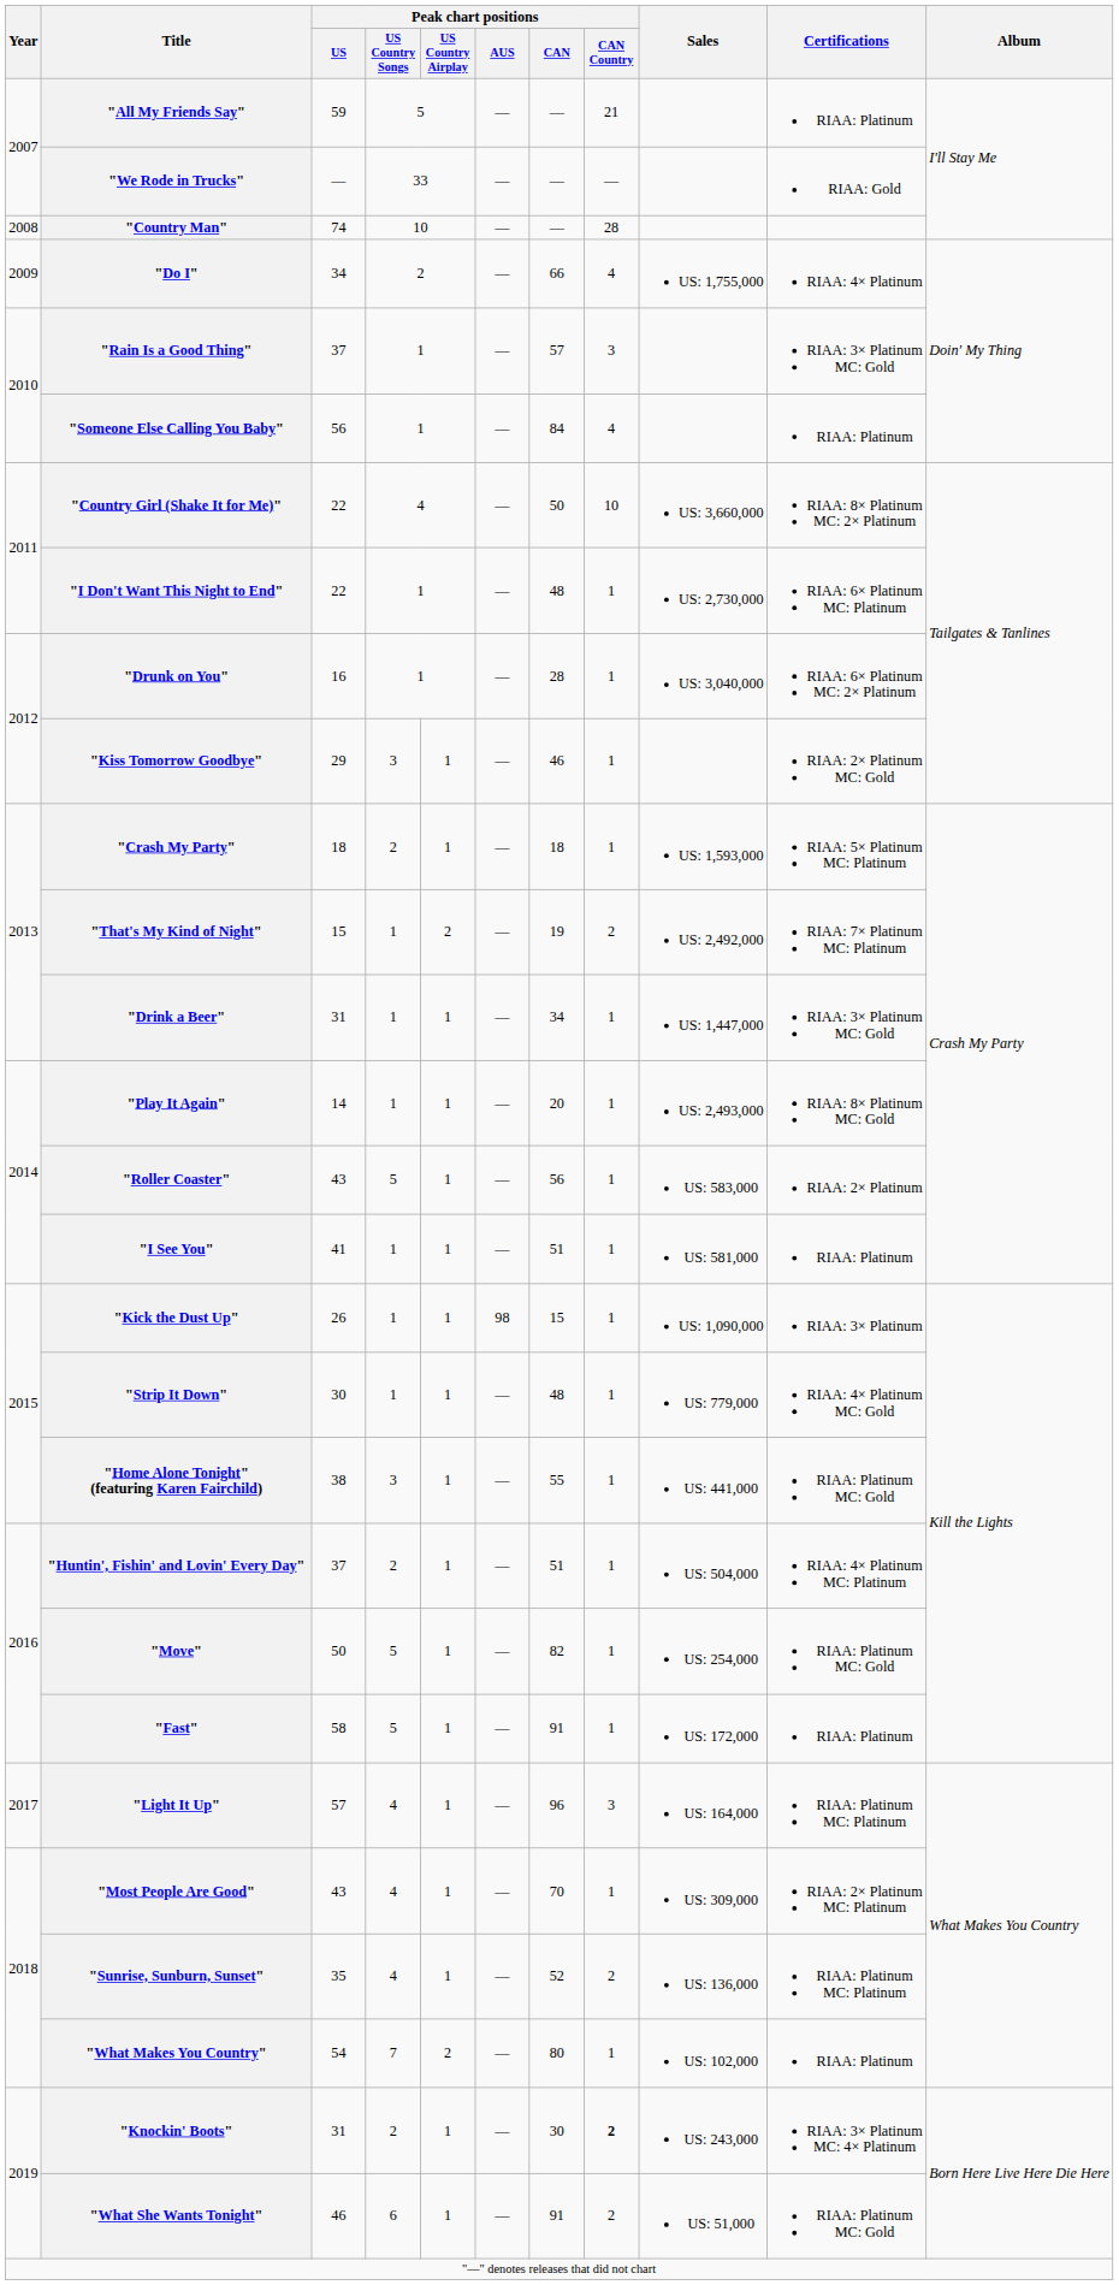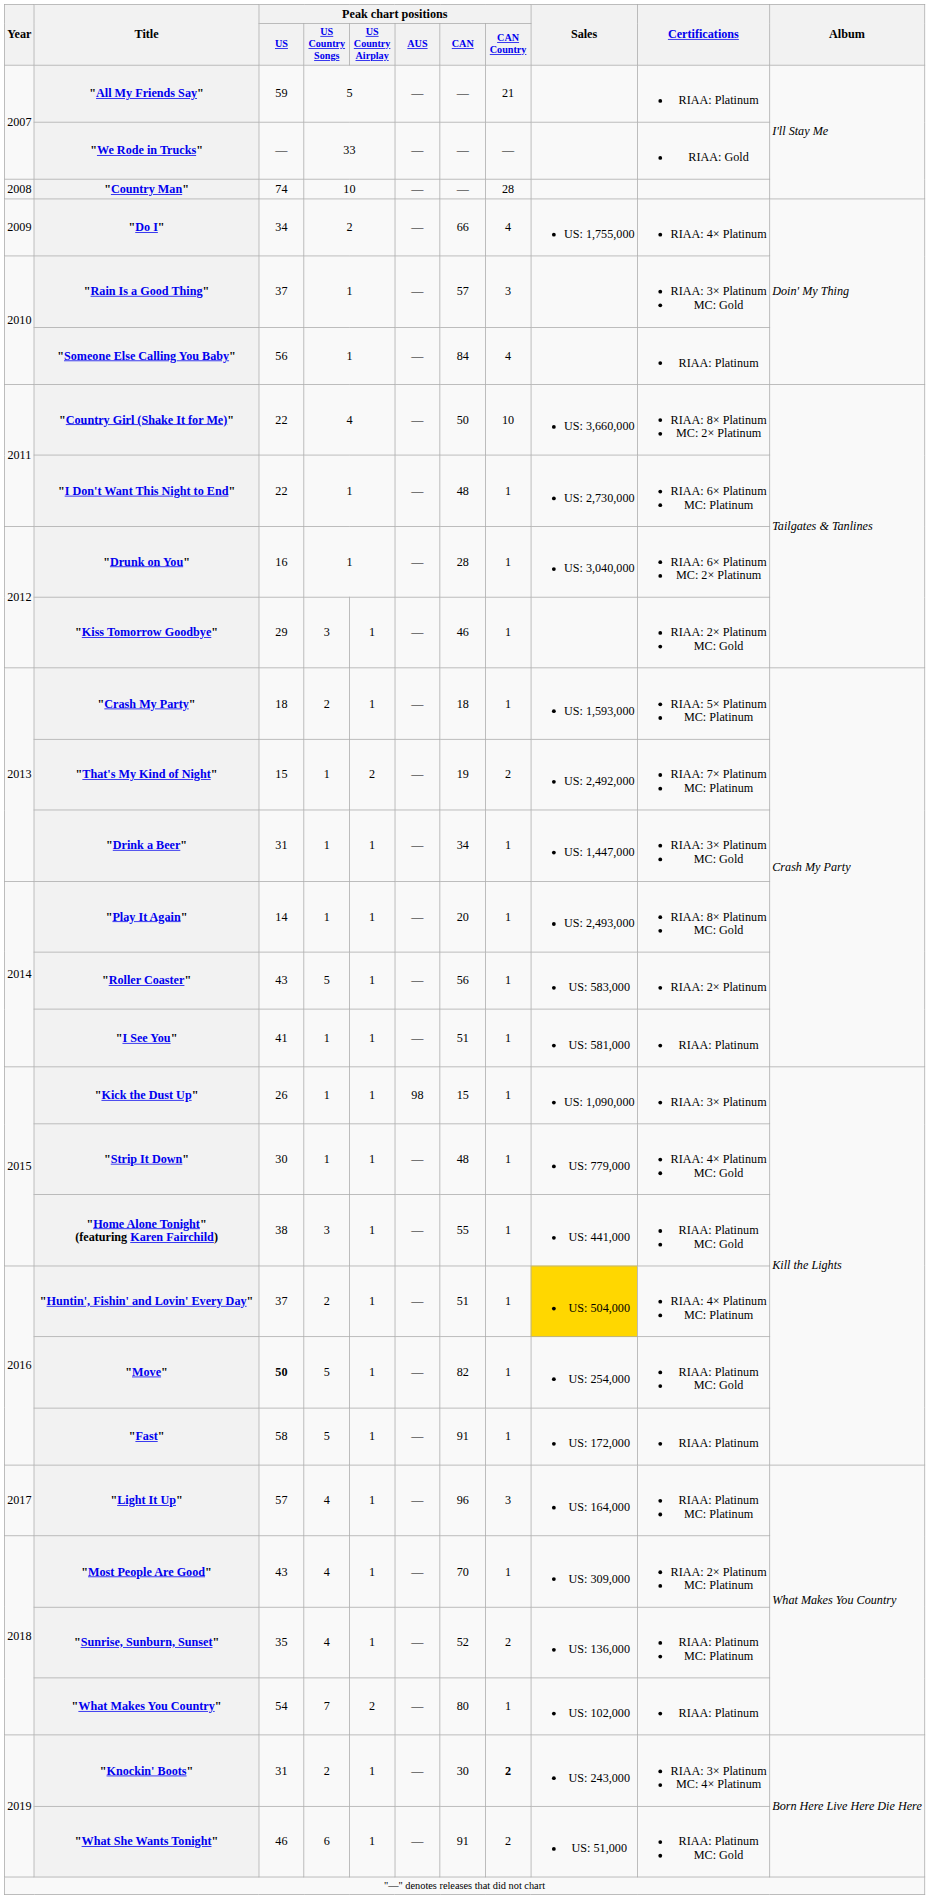 <table class="wikitable plainrowheaders" style="text-align:center;">
 <tr>
 <th scope="col" rowspan="2">Year</th>
 <th scope="col" rowspan="2" style="width:18em;">Title</th>
 <th scope="col" colspan="6">Peak chart positions</th>
 <th scope="col" rowspan="2">Sales</th>
 <th scope="col" rowspan="2"><a href='#'>Certifications</a></th>
 <th scope="col" rowspan="2">Album</th>
 </tr>
 <tr style="font-size:smaller;">
 <th scope="col" style="width:4em;"><a href='#'>US</a><br></th>
 <th scope="col" style="width:4em;"><a href='#'>US Country Songs</a><br></th>
 <th scope="col" style="width:4em;"><a href='#'>US Country Airplay</a><br></th>
 <th scope="col" style="width:4em;"><a href='#'>AUS</a><br></th>
 <th scope="col" style="width:4em;"><a href='#'>CAN</a><br></th>
 <th scope="col" style="width:4em;"><a href='#'>CAN Country</a><br></th>
 </tr>
 <tr>
 <td rowspan="2">2007</td>
 <th scope="row">"<a href='#'>All My Friends Say</a>"</th>
 <td>59</td>
 <td colspan="2">5</td>
 <td>—</td>
 <td>—</td>
 <td>21</td>
 <td></td>
 <td><br><ul><li>RIAA: Platinum</li></ul></td>
 <td style="text-align:left;" rowspan="3"><em>I'll Stay Me</em></td>
 </tr>
 <tr>
 <th scope="row">"<a href='#'>We Rode in Trucks</a>"</th>
 <td>—</td>
 <td colspan="2">33</td>
 <td>—</td>
 <td>—</td>
 <td>—</td>
 <td></td>
 <td><br><ul><li>RIAA: Gold</li></ul></td>
 </tr>
 <tr>
 <td>2008</td>
 <th scope="row">"<a href='#'>Country Man</a>"</th>
 <td>74</td>
 <td colspan="2">10</td>
 <td>—</td>
 <td>—</td>
 <td>28</td>
 <td></td>
 <td></td>
 </tr>
 <tr>
 <td>2009</td>
 <th scope="row">"<a href='#'>Do I</a>"</th>
 <td>34</td>
 <td colspan="2">2</td>
 <td>—</td>
 <td>66</td>
 <td>4</td>
 <td><br><ul><li>US: 1,755,000</li></ul></td>
 <td style="text-align:left;"><br><ul><li>RIAA: 4× Platinum</li></ul></td>
 <td style="text-align:left;" rowspan="3"><em>Doin' My Thing</em></td>
 </tr>
 <tr>
 <td rowspan="2">2010</td>
 <th scope="row">"<a href='#'>Rain Is a Good Thing</a>"</th>
 <td>37</td>
 <td colspan="2">1</td>
 <td>—</td>
 <td>57</td>
 <td>3</td>
 <td></td>
 <td><br><ul><li>RIAA: 3× Platinum</li><li>MC: Gold</li></ul></td>
 </tr>
 <tr>
 <th scope="row">"<a href='#'>Someone Else Calling You Baby</a>"</th>
 <td>56</td>
 <td colspan="2">1</td>
 <td>—</td>
 <td>84</td>
 <td>4</td>
 <td></td>
 <td><br><ul><li>RIAA: Platinum</li></ul></td>
 </tr>
 <tr>
 <td rowspan="2">2011</td>
 <th scope="row">"<a href='#'>Country Girl (Shake It for Me)</a>"</th>
 <td>22</td>
 <td colspan="2">4</td>
 <td>—</td>
 <td>50</td>
 <td>10</td>
 <td><br><ul><li>US: 3,660,000</li></ul></td>
 <td><br><ul><li>RIAA: 8× Platinum</li><li>MC: 2× Platinum</li></ul></td>
 <td style="text-align:left;" rowspan="4"><em>Tailgates & Tanlines</em></td>
 </tr>
 <tr>
 <th scope="row">"<a href='#'>I Don't Want This Night to End</a>"</th>
 <td>22</td>
 <td colspan="2">1</td>
 <td>—</td>
 <td>48</td>
 <td>1</td>
 <td><br><ul><li>US: 2,730,000</li></ul></td>
 <td><br><ul><li>RIAA: 6× Platinum</li><li>MC: Platinum</li></ul></td>
 </tr>
 <tr>
 <td rowspan="2">2012</td>
 <th scope="row">"<a href='#'>Drunk on You</a>"</th>
 <td>16</td>
 <td colspan="2">1</td>
 <td>—</td>
 <td>28</td>
 <td>1</td>
 <td><br><ul><li>US: 3,040,000</li></ul></td>
 <td><br><ul><li>RIAA: 6× Platinum</li><li>MC: 2× Platinum</li></ul></td>
 </tr>
 <tr>
 <th scope="row">"<a href='#'>Kiss Tomorrow Goodbye</a>"</th>
 <td>29</td>
 <td>3</td>
 <td>1</td>
 <td>—</td>
 <td>46</td>
 <td>1</td>
 <td></td>
 <td><br><ul><li>RIAA: 2× Platinum</li><li>MC: Gold</li></ul></td>
 </tr>
 <tr>
 <td rowspan="3">2013</td>
 <th scope="row">"<a href='#'>Crash My Party</a>"</th>
 <td>18</td>
 <td>2</td>
 <td>1</td>
 <td>—</td>
 <td>18</td>
 <td>1</td>
 <td><br><ul><li>US: 1,593,000</li></ul></td>
 <td><br><ul><li>RIAA: 5× Platinum</li><li>MC: Platinum</li></ul></td>
 <td rowspan="6" style="text" align="left"><em>Crash My Party</em></td>
 </tr>
 <tr>
 <th scope="row">"<a href='#'>That's My Kind of Night</a>"</th>
 <td>15</td>
 <td>1</td>
 <td>2</td>
 <td>—</td>
 <td>19</td>
 <td>2</td>
 <td><br><ul><li>US: 2,492,000</li></ul></td>
 <td><br><ul><li>RIAA: 7× Platinum</li><li>MC: Platinum</li></ul></td>
 </tr>
 <tr>
 <th scope="row">"<a href='#'>Drink a Beer</a>"</th>
 <td>31</td>
 <td>1</td>
 <td>1</td>
 <td>—</td>
 <td>34</td>
 <td>1</td>
 <td><br><ul><li>US: 1,447,000</li></ul></td>
 <td><br><ul><li>RIAA: 3× Platinum</li><li>MC: Gold</li></ul></td>
 </tr>
 <tr>
 <td rowspan="3">2014</td>
 <th scope="row">"<a href='#'>Play It Again</a>"</th>
 <td>14</td>
 <td>1</td>
 <td>1</td>
 <td>—</td>
 <td>20</td>
 <td>1</td>
 <td><br><ul><li>US: 2,493,000</li></ul></td>
 <td><br><ul><li>RIAA: 8× Platinum</li><li>MC: Gold</li></ul></td>
 </tr>
 <tr>
 <th scope="row">"<a href='#'>Roller Coaster</a>"</th>
 <td>43</td>
 <td>5</td>
 <td>1</td>
 <td>—</td>
 <td>56</td>
 <td>1</td>
 <td><br><ul><li>US: 583,000</li></ul></td>
 <td><br><ul><li>RIAA: 2× Platinum</li></ul></td>
 </tr>
 <tr>
 <th scope="row">"<a href='#'>I See You</a>"</th>
 <td>41</td>
 <td>1</td>
 <td>1</td>
 <td>—</td>
 <td>51</td>
 <td>1</td>
 <td><br><ul><li>US: 581,000</li></ul></td>
 <td><br><ul><li>RIAA: Platinum</li></ul></td>
 </tr>
 <tr>
 <td rowspan="3">2015</td>
 <th scope="row">"<a href='#'>Kick the Dust Up</a>"</th>
 <td>26</td>
 <td>1</td>
 <td>1</td>
 <td>98</td>
 <td>15</td>
 <td>1</td>
 <td><br><ul><li>US: 1,090,000</li></ul></td>
 <td><br><ul><li>RIAA: 3× Platinum</li></ul></td>
 <td rowspan="6" style="text" align="left"><em>Kill the Lights</em></td>
 </tr>
 <tr>
 <th scope="row">"<a href='#'>Strip It Down</a>"</th>
 <td>30</td>
 <td>1</td>
 <td>1</td>
 <td>—</td>
 <td>48</td>
 <td>1</td>
 <td><br><ul><li>US: 779,000</li></ul></td>
 <td><br><ul><li>RIAA: 4× Platinum</li><li>MC: Gold</li></ul></td>
 </tr>
 <tr>
 <th scope="row">"<a href='#'>Home Alone Tonight</a>" <br><span>(featuring <a href='#'>Karen Fairchild</a>)</span></th>
 <td>38</td>
 <td>3</td>
 <td>1</td>
 <td>—</td>
 <td>55</td>
 <td>1</td>
 <td><br><ul><li>US: 441,000</li></ul></td>
 <td><br><ul><li>RIAA: Platinum</li><li>MC: Gold</li></ul></td>
 </tr>
 <tr>
 <td rowspan="3">2016</td>
 <th scope="row">"<a href='#'>Huntin', Fishin' and Lovin' Every Day</a>"</th>
 <td>37</td>
 <td>2</td>
 <td>1</td>
 <td>—</td>
 <td>51</td>
 <td>1</td>
-<td><br><ul><li>US: 504,000</li></ul></td>
+<td style="background: gold;"><br><ul><li>US: 504,000</li></ul></td>
 <td><br><ul><li>RIAA: 4× Platinum</li><li>MC: Platinum</li></ul></td>
 </tr>
 <tr>
 <th scope="row">"<a href='#'>Move</a>"</th>
-<td>50</td>
+<td><strong>50</strong></td>
 <td>5</td>
 <td>1</td>
 <td>—</td>
 <td>82</td>
 <td>1</td>
 <td><br><ul><li>US: 254,000</li></ul></td>
 <td><br><ul><li>RIAA: Platinum</li><li>MC: Gold</li></ul></td>
 </tr>
 <tr>
 <th scope="row">"<a href='#'>Fast</a>"</th>
 <td>58</td>
 <td>5</td>
 <td>1</td>
 <td>—</td>
 <td>91</td>
 <td>1</td>
 <td><br><ul><li>US: 172,000</li></ul></td>
 <td><br><ul><li>RIAA: Platinum</li></ul></td>
 </tr>
 <tr>
 <td>2017</td>
 <th scope="row">"<a href='#'>Light It Up</a>"</th>
 <td>57</td>
 <td>4</td>
 <td>1</td>
 <td>—</td>
 <td>96</td>
 <td>3</td>
 <td><br><ul><li>US: 164,000</li></ul></td>
 <td><br><ul><li>RIAA: Platinum</li><li>MC: Platinum</li></ul></td>
 <td align="left" rowspan="4"><em>What Makes You Country</em></td>
 </tr>
 <tr>
 <td rowspan="3">2018</td>
 <th scope="row">"<a href='#'>Most People Are Good</a>"</th>
 <td>43</td>
 <td>4</td>
 <td>1</td>
 <td>—</td>
 <td>70</td>
 <td>1</td>
 <td><br><ul><li>US: 309,000</li></ul></td>
 <td><br><ul><li>RIAA: 2× Platinum</li><li>MC: Platinum</li></ul></td>
 </tr>
 <tr>
 <th scope="row">"<a href='#'>Sunrise, Sunburn, Sunset</a>"</th>
 <td>35</td>
 <td>4</td>
 <td>1</td>
 <td>—</td>
 <td>52</td>
 <td>2</td>
 <td><br><ul><li>US: 136,000</li></ul></td>
 <td><br><ul><li>RIAA: Platinum</li><li>MC: Platinum</li></ul></td>
 </tr>
 <tr>
 <th scope="row">"<a href='#'>What Makes You Country</a>"</th>
 <td>54</td>
 <td>7</td>
 <td>2</td>
 <td>—</td>
 <td>80</td>
 <td>1</td>
 <td><br><ul><li>US: 102,000</li></ul></td>
 <td><br><ul><li>RIAA: Platinum</li></ul></td>
 </tr>
 <tr>
 <td rowspan="2">2019</td>
 <th scope="row">"<a href='#'>Knockin' Boots</a>"</th>
 <td>31</td>
 <td>2</td>
 <td>1</td>
 <td>—</td>
 <td>30</td>
 <td><strong>2</strong></td>
 <td><br><ul><li>US: 243,000</li></ul></td>
 <td><br><ul><li>RIAA: 3× Platinum</li><li>MC: 4× Platinum</li></ul></td>
 <td align="left" rowspan="2"><em>Born Here Live Here Die Here</em></td>
 </tr>
 <tr>
 <th scope="row">"<a href='#'>What She Wants Tonight</a>"</th>
 <td>46</td>
 <td>6</td>
 <td>1</td>
 <td>—</td>
 <td>91</td>
 <td>2</td>
 <td><br><ul><li>US: 51,000</li></ul></td>
 <td><br><ul><li>RIAA: Platinum</li><li>MC: Gold</li></ul></td>
 </tr>
 <tr>
 <td colspan="11" style="font-size:85%">"—" denotes releases that did not chart</td>
 </tr>
 </table>
